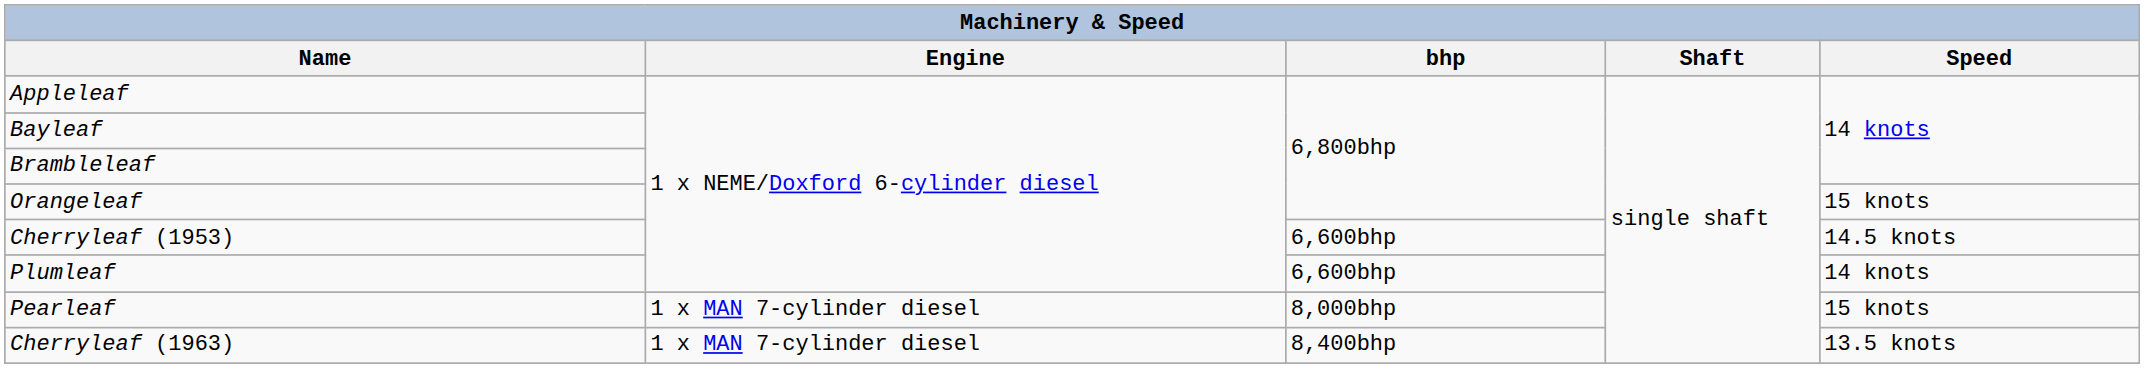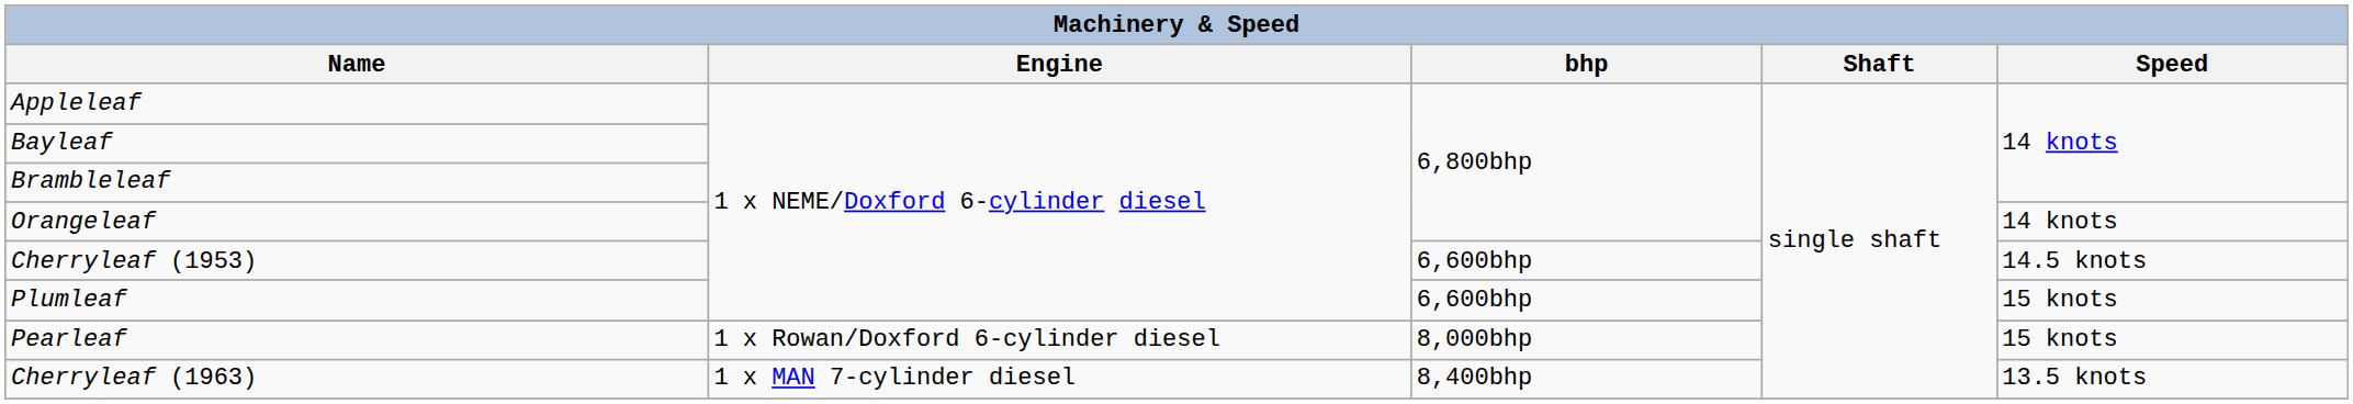 <table class="wikitable" style="margin:auto; width:100%;">
 <tr>
 <th style="align: center; background:#B0C4DE;" colspan="5">Machinery & Speed</th>
 </tr>
 <tr>
 <th style="text-align:center; width:30%;">Name</th>
 <th style="text-align:center; width:30%;">Engine</th>
 <th style="text-align:center; width:15%;">bhp</th>
 <th style="text-align:center; width:10%;">Shaft</th>
 <th style="text-align:center; width:15%;">Speed</th>
 </tr>
 <tr>
 <td><em>Appleleaf</em></td>
 <td rowspan=6>1 x NEME/<a href='#'>Doxford</a> 6-<a href='#'>cylinder</a> <a href='#'>diesel</a></td>
 <td rowspan=4>6,800bhp</td>
 <td rowspan=8>single shaft</td>
 <td rowspan=3>14 <a href='#'>knots</a></td>
 </tr>
 <tr>
 <td><em>Bayleaf</em></td>
 </tr>
 <tr>
 <td><em>Brambleleaf</em></td>
 </tr>
 <tr>
 <td><em>Orangeleaf</em></td>
-<td>15 knots</td>
+<td>14 knots</td>
 </tr>
 <tr>
 <td><em>Cherryleaf</em> (1953)</td>
 <td>6,600bhp</td>
 <td>14.5 knots</td>
 </tr>
 <tr>
 <td><em>Plumleaf</em></td>
 <td>6,600bhp</td>
-<td>14 knots</td>
+<td>15 knots</td>
 </tr>
 <tr>
 <td><em>Pearleaf</em></td>
-<td>1 x <a href='#'>MAN</a> 7-cylinder diesel</td>
+<td>1 x Rowan/Doxford 6-cylinder diesel</td>
 <td>8,000bhp</td>
 <td>15 knots</td>
 </tr>
 <tr>
 <td><em>Cherryleaf</em> (1963)</td>
 <td>1 x <a href='#'>MAN</a> 7-cylinder diesel</td>
 <td>8,400bhp</td>
 <td>13.5 knots</td>
 </tr>
 </table>
